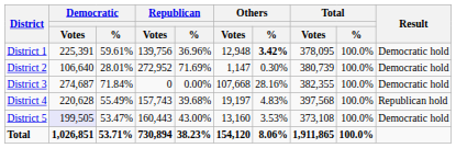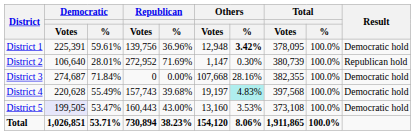 <table class="wikitable plainrowheaders sortable" style="font-size:100%; text-align:right;">
 <tr>
 <th scope=col rowspan=3><a href='#'>District</a></th>
 <th scope=col colspan=2><a href='#'>Democratic</a></th>
 <th scope=col colspan=2><a href='#'>Republican</a></th>
 <th scope=col colspan=2>Others</th>
 <th scope=col colspan=2>Total</th>
 <th scope=col rowspan=3>Result</th>
 </tr>
 <tr>
 <th scope=col colspan=2 style="background:"></th>
 <th scope=col colspan=2 style="background:"></th>
 <th scope=col colspan=2></th>
 <th scope=col colspan=2></th>
 </tr>
 <tr>
 <th scope=col data-sort-type="number">Votes</th>
 <th scope=col data-sort-type="number">%</th>
 <th scope=col data-sort-type="number">Votes</th>
 <th scope=col data-sort-type="number">%</th>
 <th scope=col data-sort-type="number">Votes</th>
 <th scope=col data-sort-type="number">%</th>
 <th scope=col data-sort-type="number">Votes</th>
 <th scope=col data-sort-type="number">%</th>
 </tr>
 <tr>
 <td align=left><a href='#'>District 1</a></td>
 <td>225,391</td>
 <td>59.61%</td>
 <td>139,756</td>
 <td>36.96%</td>
 <td>12,948</td>
 <td><strong>3.42%</strong></td>
 <td>378,095</td>
 <td>100.0%</td>
 <td align=left>Democratic hold</td>
 </tr>
 <tr>
 <td align=left><a href='#'>District 2</a></td>
 <td>106,640</td>
 <td>28.01%</td>
 <td>272,952</td>
 <td>71.69%</td>
 <td>1,147</td>
 <td>0.30%</td>
 <td>380,739</td>
 <td>100.0%</td>
-<td align=left>Democratic hold</td>
+<td align=left>Republican hold</td>
 </tr>
 <tr>
 <td align=left><a href='#'>District 3</a></td>
 <td>274,687</td>
 <td>71.84%</td>
 <td>0</td>
 <td>0.00%</td>
 <td>107,668</td>
 <td>28.16%</td>
 <td>382,355</td>
 <td>100.0%</td>
 <td align=left>Democratic hold</td>
 </tr>
 <tr>
 <td align=left><a href='#'>District 4</a></td>
 <td>220,628</td>
 <td>55.49%</td>
 <td>157,743</td>
 <td>39.68%</td>
 <td>19,197</td>
-<td>4.83%</td>
+<td style="background: paleturquoise;">4.83%</td>
 <td>397,568</td>
 <td>100.0%</td>
-<td align=left>Republican hold</td>
+<td align=left>Democratic hold</td>
 </tr>
 <tr>
 <td align=left><a href='#'>District 5</a></td>
 <td style="background: lavender;">199,505</td>
 <td>53.47%</td>
 <td>160,443</td>
 <td>43.00%</td>
 <td>13,160</td>
 <td>3.53%</td>
 <td>373,108</td>
 <td>100.0%</td>
 <td align=left>Democratic hold</td>
 </tr>
 <tr class="sortbottom" style="font-weight:bold">
 <td align=left>Total</td>
 <td>1,026,851</td>
 <td>53.71%</td>
 <td>730,894</td>
 <td>38.23%</td>
 <td>154,120</td>
 <td>8.06%</td>
 <td>1,911,865</td>
 <td>100.0%</td>
 <td></td>
 </tr>
 </table>
